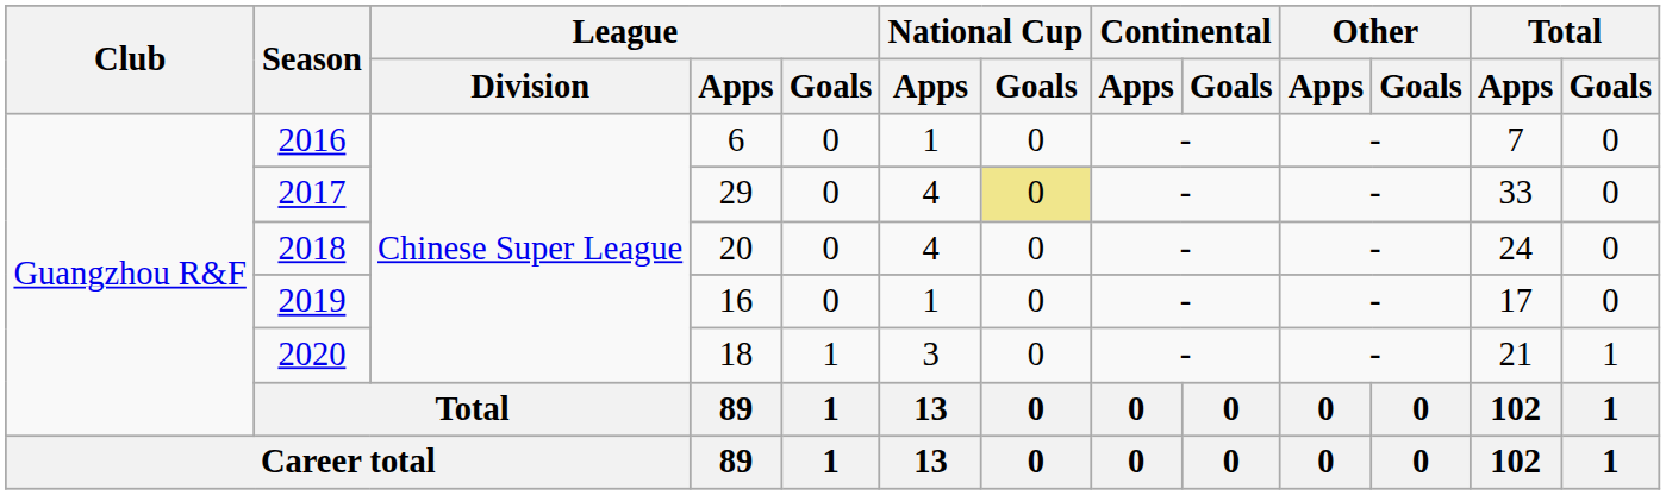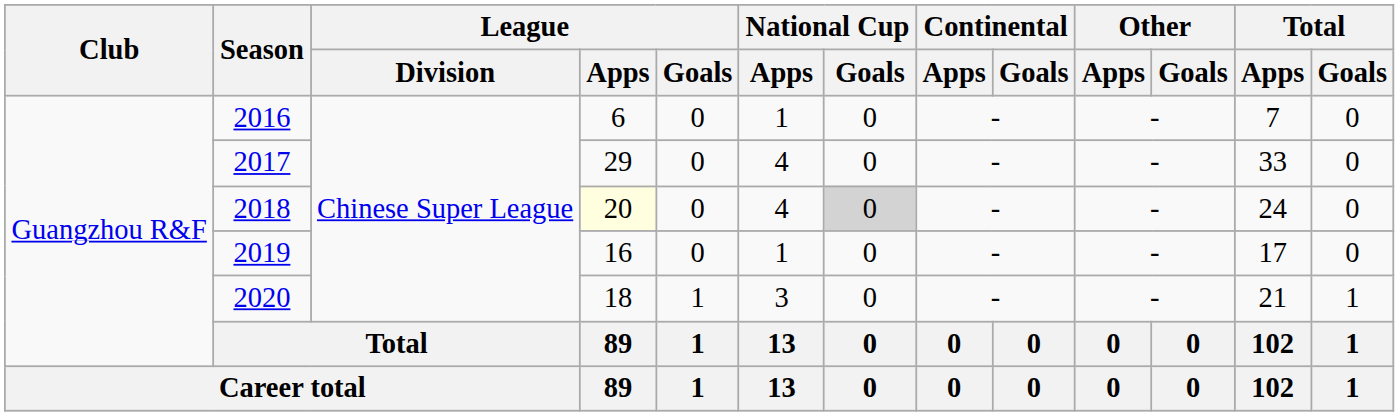 <table class="wikitable" style="text-align: center">
 <tr>
 <th rowspan="2">Club</th>
 <th rowspan="2">Season</th>
 <th colspan="3">League</th>
 <th colspan="2">National Cup</th>
 <th colspan="2">Continental</th>
 <th colspan="2">Other</th>
 <th colspan="2">Total</th>
 </tr>
 <tr>
 <th>Division</th>
 <th>Apps</th>
 <th>Goals</th>
 <th>Apps</th>
 <th>Goals</th>
 <th>Apps</th>
 <th>Goals</th>
 <th>Apps</th>
 <th>Goals</th>
 <th>Apps</th>
 <th>Goals</th>
 </tr>
 <tr>
 <td rowspan="6"><a href='#'>Guangzhou R&F</a></td>
 <td><a href='#'>2016</a></td>
 <td rowspan="5"><a href='#'>Chinese Super League</a></td>
 <td>6</td>
 <td>0</td>
 <td>1</td>
 <td>0</td>
 <td colspan="2">-</td>
 <td colspan="2">-</td>
 <td>7</td>
 <td>0</td>
 </tr>
 <tr>
 <td><a href='#'>2017</a></td>
 <td>29</td>
 <td>0</td>
 <td>4</td>
-<td style="background: khaki;">0</td>
+<td>0</td>
 <td colspan="2">-</td>
 <td colspan="2">-</td>
 <td>33</td>
 <td>0</td>
 </tr>
 <tr>
 <td><a href='#'>2018</a></td>
-<td>20</td>
+<td style="background: lightyellow;">20</td>
 <td>0</td>
 <td>4</td>
-<td>0</td>
+<td style="background: lightgrey;">0</td>
 <td colspan="2">-</td>
 <td colspan="2">-</td>
 <td>24</td>
 <td>0</td>
 </tr>
 <tr>
 <td><a href='#'>2019</a></td>
 <td>16</td>
 <td>0</td>
 <td>1</td>
 <td>0</td>
 <td colspan="2">-</td>
 <td colspan="2">-</td>
 <td>17</td>
 <td>0</td>
 </tr>
 <tr>
 <td><a href='#'>2020</a></td>
 <td>18</td>
 <td>1</td>
 <td>3</td>
 <td>0</td>
 <td colspan="2">-</td>
 <td colspan="2">-</td>
 <td>21</td>
 <td>1</td>
 </tr>
 <tr>
 <th colspan="2"><strong>Total</strong></th>
 <th>89</th>
 <th>1</th>
 <th>13</th>
 <th>0</th>
 <th>0</th>
 <th>0</th>
 <th>0</th>
 <th>0</th>
 <th>102</th>
 <th>1</th>
 </tr>
 <tr>
 <th colspan=3>Career total</th>
 <th>89</th>
 <th>1</th>
 <th>13</th>
 <th>0</th>
 <th>0</th>
 <th>0</th>
 <th>0</th>
 <th>0</th>
 <th>102</th>
 <th>1</th>
 </tr>
 </table>
